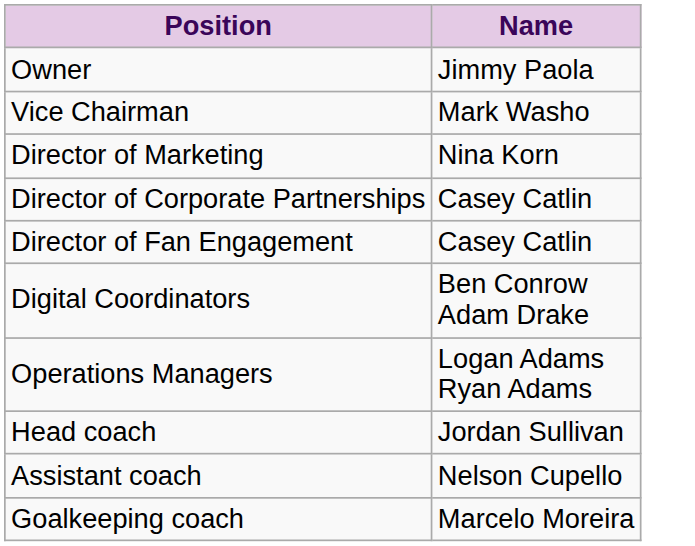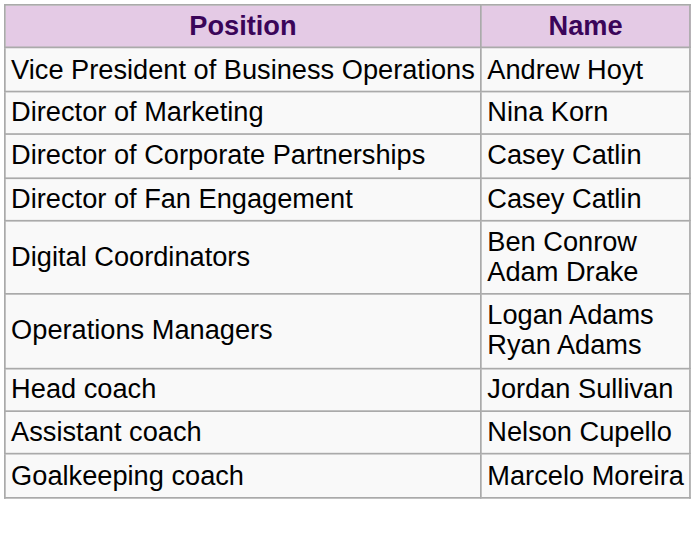 <table class="wikitable">
 <tr>
 <th style="background:#E4CAE5; color:#3A0559;">Position</th>
 <th style="background:#E4CAE5; color:#3A0559;">Name</th>
 </tr>
 <tr>
-<td>Owner</td>
-<td align=left> Jimmy Paola</td>
-</tr>
-<tr>
-<td>Vice Chairman</td>
-<td align=left> Mark Washo</td>
+<td>Vice President of Business Operations</td>
+<td align=left> Andrew Hoyt</td>
 </tr>
 <tr>
 <td>Director of Marketing</td>
 <td align=left> Nina Korn</td>
 </tr>
 <tr>
 <td>Director of Corporate Partnerships</td>
 <td align=left> Casey Catlin</td>
 </tr>
 <tr>
 <td>Director of Fan Engagement</td>
 <td align=left> Casey Catlin</td>
 </tr>
 <tr>
 <td>Digital Coordinators</td>
 <td align=left> Ben Conrow<br> Adam Drake</td>
 </tr>
 <tr>
 <td>Operations Managers</td>
 <td align=left> Logan Adams<br> Ryan Adams</td>
 </tr>
 <tr>
 <td>Head coach</td>
 <td align=left> Jordan Sullivan</td>
 </tr>
 <tr>
 <td>Assistant coach</td>
 <td align=left> Nelson Cupello</td>
 </tr>
 <tr>
 <td>Goalkeeping coach</td>
 <td align=left> Marcelo Moreira</td>
 </tr>
 </table>
